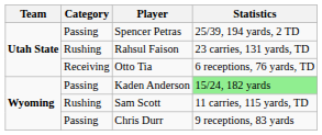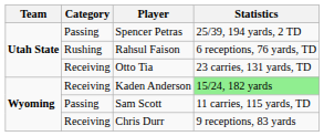 <table class="wikitable" style="float: right;">
 <tr>
 <th>Team</th>
 <th>Category</th>
 <th>Player</th>
 <th>Statistics</th>
 </tr>
 <tr>
 <td rowspan=3><strong>Utah State</strong></td>
 <td>Passing</td>
 <td>Spencer Petras</td>
 <td>25/39, 194 yards, 2 TD</td>
 </tr>
 <tr>
 <td>Rushing</td>
 <td>Rahsul Faison</td>
-<td>23 carries, 131 yards, TD</td>
+<td>6 receptions, 76 yards, TD</td>
 </tr>
 <tr>
 <td>Receiving</td>
 <td>Otto Tia</td>
-<td>6 receptions, 76 yards, TD</td>
+<td>23 carries, 131 yards, TD</td>
 </tr>
 <tr>
 <td rowspan=3><strong>Wyoming</strong></td>
-<td>Passing</td>
+<td>Receiving</td>
 <td>Kaden Anderson</td>
 <td style="background: lightgreen;">15/24, 182 yards</td>
 </tr>
 <tr>
-<td>Rushing</td>
+<td>Passing</td>
 <td>Sam Scott</td>
 <td>11 carries, 115 yards, TD</td>
 </tr>
 <tr>
-<td>Passing</td>
+<td>Receiving</td>
 <td>Chris Durr</td>
 <td>9 receptions, 83 yards</td>
 </tr>
 </table>
